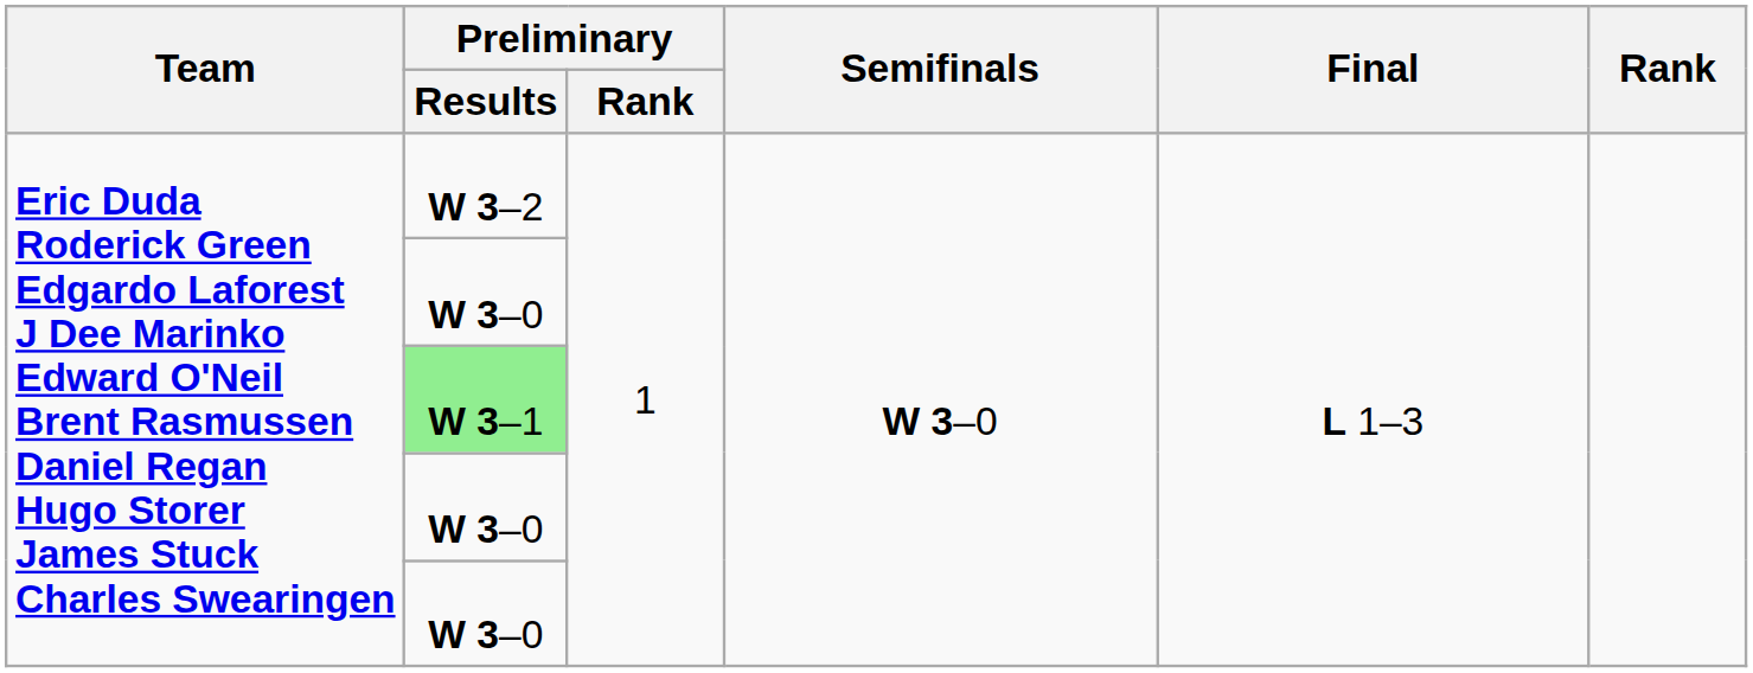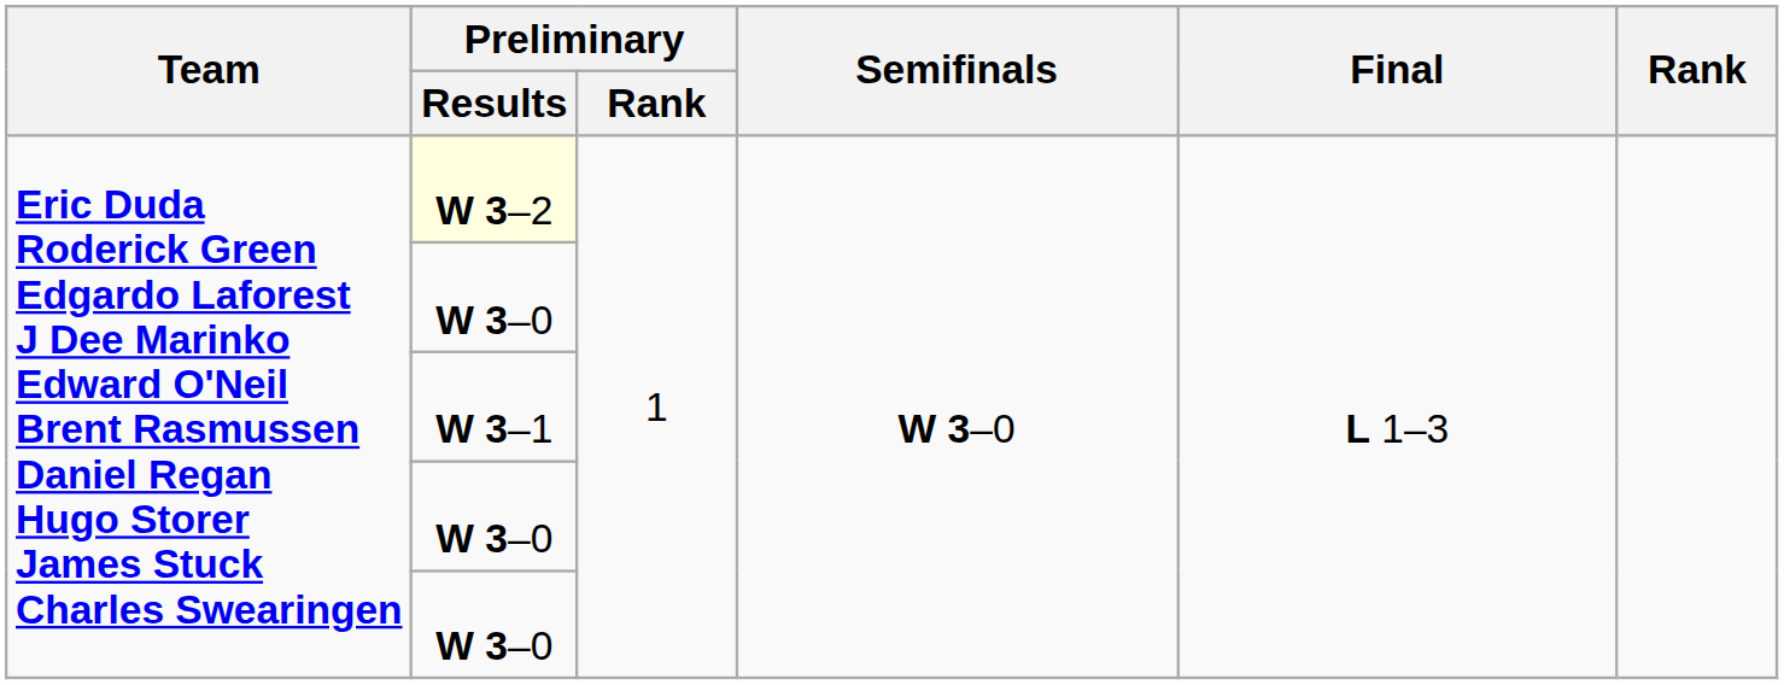 <table class="wikitable" style="text-align:left; font-size:90%">
 <tr>
 <th rowspan=2>Team</th>
 <th colspan=2>Preliminary</th>
 <th rowspan=2 width=150>Semifinals</th>
 <th rowspan=2 width=150>Final</th>
 <th rowspan=2 width=50>Rank</th>
 </tr>
 <tr>
 <th>Results</th>
 <th width=50>Rank</th>
 </tr>
 <tr>
 <td rowspan=5><strong><a href='#'>Eric Duda</a><br><a href='#'>Roderick Green</a><br><a href='#'>Edgardo Laforest</a><br><a href='#'>J Dee Marinko</a><br><a href='#'>Edward O'Neil</a><br><a href='#'>Brent Rasmussen</a><br><a href='#'>Daniel Regan</a><br><a href='#'>Hugo Storer</a><br><a href='#'>James Stuck</a><br><a href='#'>Charles Swearingen</a></strong></td>
-<td align=center><br><strong>W</strong> <strong>3</strong>–2</td>
+<td align=center style="background: lightyellow;"><br><strong>W</strong> <strong>3</strong>–2</td>
 <td rowspan=5 align=center>1</td>
 <td rowspan=5 align=center> <br><strong>W</strong> <strong>3</strong>–0</td>
 <td rowspan=5 align=center> <br><strong>L</strong> 1–3</td>
 <td rowspan=5 align=center></td>
 </tr>
 <tr>
 <td align=center><br><strong>W</strong> <strong>3</strong>–0</td>
 </tr>
 <tr>
-<td align=center style="background: lightgreen;"><br><strong>W</strong> <strong>3</strong>–1</td>
+<td align=center><br><strong>W</strong> <strong>3</strong>–1</td>
 </tr>
 <tr>
 <td align=center><br><strong>W</strong> <strong>3</strong>–0</td>
 </tr>
 <tr>
 <td align=center><br><strong>W</strong> <strong>3</strong>–0</td>
 </tr>
 </table>
